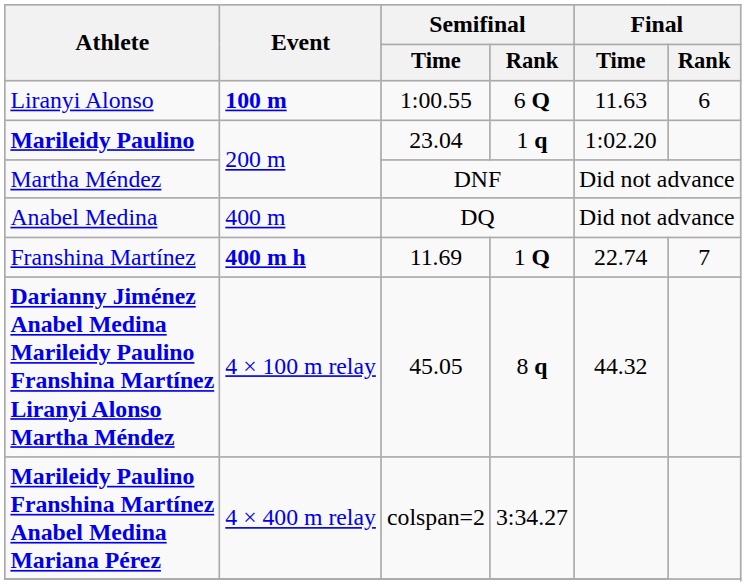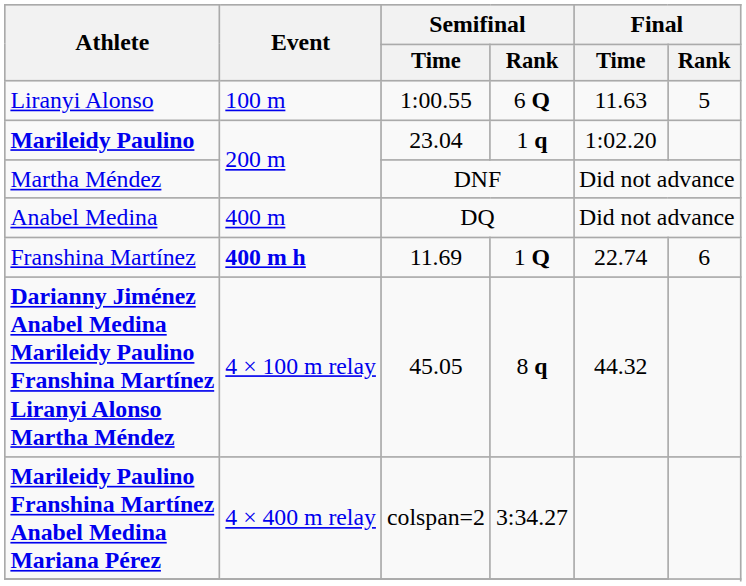 <table class=wikitable style=font-size:90%;text-align:center>
 <tr>
 <th rowspan=2>Athlete</th>
 <th rowspan=2>Event</th>
 <th colspan=2>Semifinal</th>
 <th colspan=2>Final</th>
 </tr>
 <tr style=font-size:95%>
 <th>Time</th>
 <th>Rank</th>
 <th>Time</th>
 <th>Rank</th>
 </tr>
 <tr>
 <td align=left><a href='#'>Liranyi Alonso</a></td>
-<td align=left><strong><a href='#'>100 m</a></strong></td>
+<td align=left><a href='#'>100 m</a></td>
 <td>1:00.55</td>
 <td>6 <strong>Q</strong></td>
 <td>11.63</td>
-<td>6</td>
+<td>5</td>
 </tr>
 <tr>
 <td align=left><strong><a href='#'>Marileidy Paulino</a></strong></td>
 <td align=left rowspan=2><a href='#'>200 m</a></td>
 <td>23.04</td>
 <td>1 <strong>q</strong></td>
 <td>1:02.20</td>
 <td></td>
 </tr>
 <tr>
 <td align=left><a href='#'>Martha Méndez</a></td>
 <td colspan=2>DNF</td>
 <td colspan=2>Did not advance</td>
 </tr>
 <tr>
 <td align=left><a href='#'>Anabel Medina</a></td>
 <td align=left><a href='#'>400 m</a></td>
 <td colspan=2>DQ</td>
 <td colspan=2>Did not advance</td>
 </tr>
 <tr>
 <td align=left><a href='#'>Franshina Martínez</a></td>
 <td align=left><strong><a href='#'>400 m h</a></strong></td>
 <td>11.69</td>
 <td>1 <strong>Q</strong></td>
 <td>22.74</td>
-<td>7</td>
+<td>6</td>
 </tr>
 <tr>
 <td align=left><strong><a href='#'>Darianny Jiménez</a><br><a href='#'>Anabel Medina</a><br><a href='#'>Marileidy Paulino</a><br><a href='#'>Franshina Martínez</a><br><a href='#'>Liranyi Alonso</a><br><a href='#'>Martha Méndez</a></strong></td>
 <td align=left><a href='#'>4 × 100 m relay</a></td>
 <td>45.05</td>
 <td>8 <strong>q</strong></td>
 <td>44.32</td>
 <td></td>
 </tr>
 <tr>
 <td align=left><strong><a href='#'>Marileidy Paulino</a><br><a href='#'>Franshina Martínez</a><br><a href='#'>Anabel Medina</a><br><a href='#'>Mariana Pérez</a></strong></td>
 <td align=left><a href='#'>4 × 400 m relay</a></td>
 <td>colspan=2 </td>
 <td>3:34.27</td>
 <td></td>
 </tr>
 <tr>
 </tr>
 </table>
